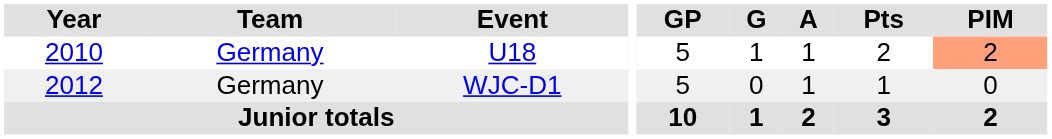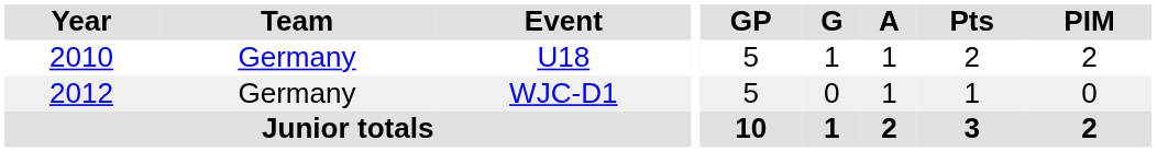 <table border="0" cellpadding="1" cellspacing="0" ID="Table3" style="text-align:center; width:40em">
 <tr ALIGN="center" bgcolor="#e0e0e0">
 <th>Year</th>
 <th>Team</th>
 <th>Event</th>
 <th rowspan="99" bgcolor="#ffffff"></th>
 <th>GP</th>
 <th>G</th>
 <th>A</th>
 <th>Pts</th>
 <th>PIM</th>
 </tr>
 <tr>
 <td><a href='#'>2010</a></td>
 <td><a href='#'>Germany</a></td>
 <td><a href='#'>U18</a></td>
 <td>5</td>
 <td>1</td>
 <td>1</td>
 <td>2</td>
-<td style="background: lightsalmon;">2</td>
+<td>2</td>
 </tr>
 <tr bgcolor="#f0f0f0">
 <td><a href='#'>2012</a></td>
 <td>Germany</td>
 <td><a href='#'>WJC-D1</a></td>
 <td>5</td>
 <td>0</td>
 <td>1</td>
 <td>1</td>
 <td>0</td>
 </tr>
 <tr bgcolor="#e0e0e0">
 <th colspan="3">Junior totals</th>
 <th>10</th>
 <th>1</th>
 <th>2</th>
 <th>3</th>
 <th>2</th>
 </tr>
 </table>
